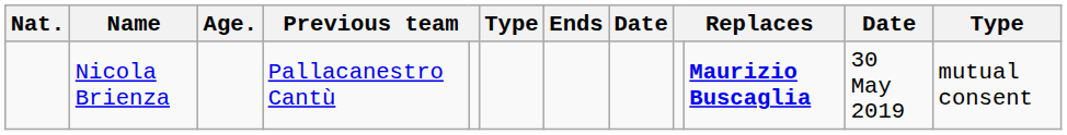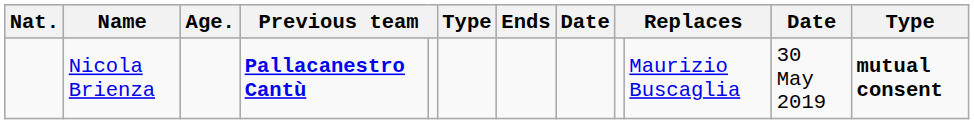 <table class="wikitable sortable">
 <tr>
 <th>Nat.</th>
 <th>Name</th>
 <th>Age.</th>
 <th colspan=2>Previous team</th>
 <th>Type</th>
 <th>Ends</th>
 <th>Date</th>
 <th colspan=2>Replaces</th>
 <th>Date</th>
 <th>Type</th>
 </tr>
 <tr>
 <td></td>
 <td><a href='#'>Nicola Brienza</a></td>
 <td></td>
-<td><a href='#'>Pallacanestro Cantù</a></td>
+<td><strong><a href='#'>Pallacanestro Cantù</a></strong></td>
 <td></td>
 <td></td>
 <td></td>
 <td></td>
 <td></td>
-<td><strong><a href='#'>Maurizio Buscaglia</a></strong></td>
+<td><a href='#'>Maurizio Buscaglia</a></td>
 <td>30 May 2019</td>
-<td>mutual consent</td>
+<td><strong>mutual consent</strong></td>
 </tr>
 </table>
